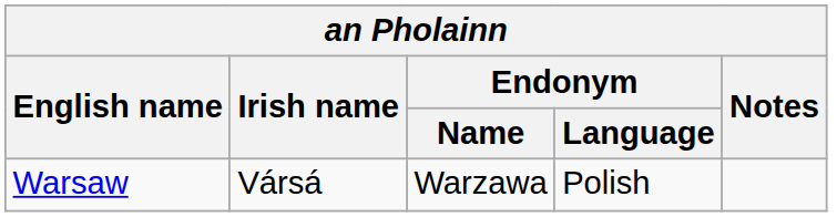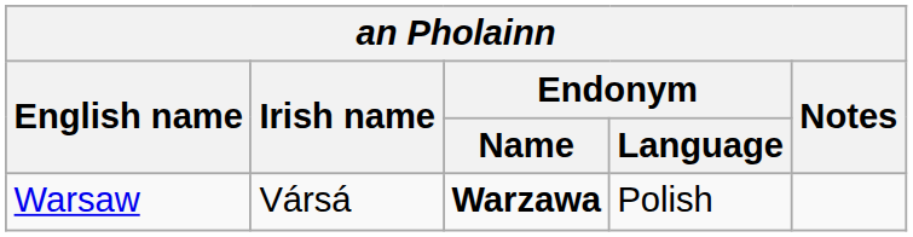 <table class="wikitable sortable">
 <tr>
 <th colspan="5"> <em>an Pholainn</em></th>
 </tr>
 <tr>
 <th rowspan="2">English name</th>
 <th rowspan="2">Irish name</th>
 <th colspan="2">Endonym</th>
 <th rowspan="2">Notes</th>
 </tr>
 <tr>
 <th>Name</th>
 <th>Language</th>
 </tr>
 <tr>
 <td><a href='#'>Warsaw</a></td>
 <td>Vársá</td>
-<td>Warzawa</td>
+<td><strong>Warzawa</strong></td>
 <td>Polish</td>
 <td></td>
 </tr>
 </table>
